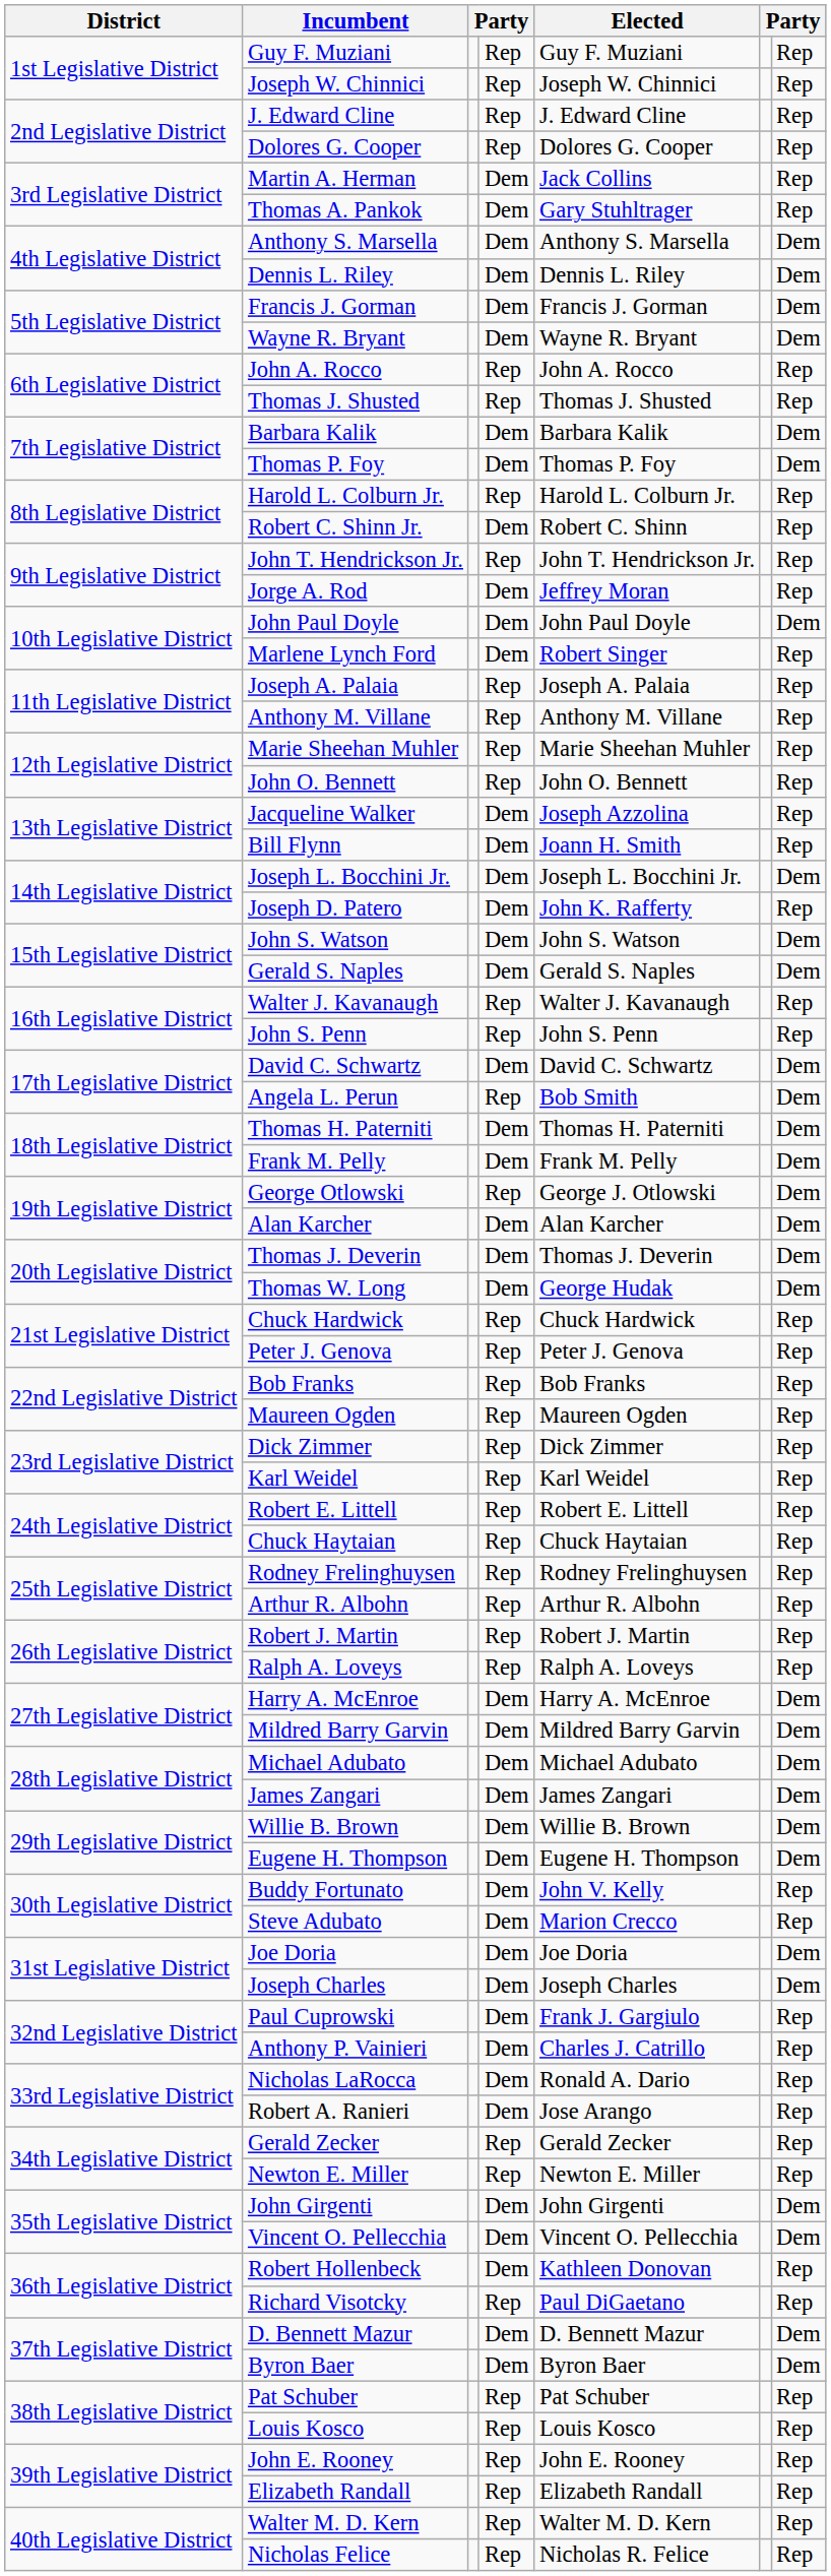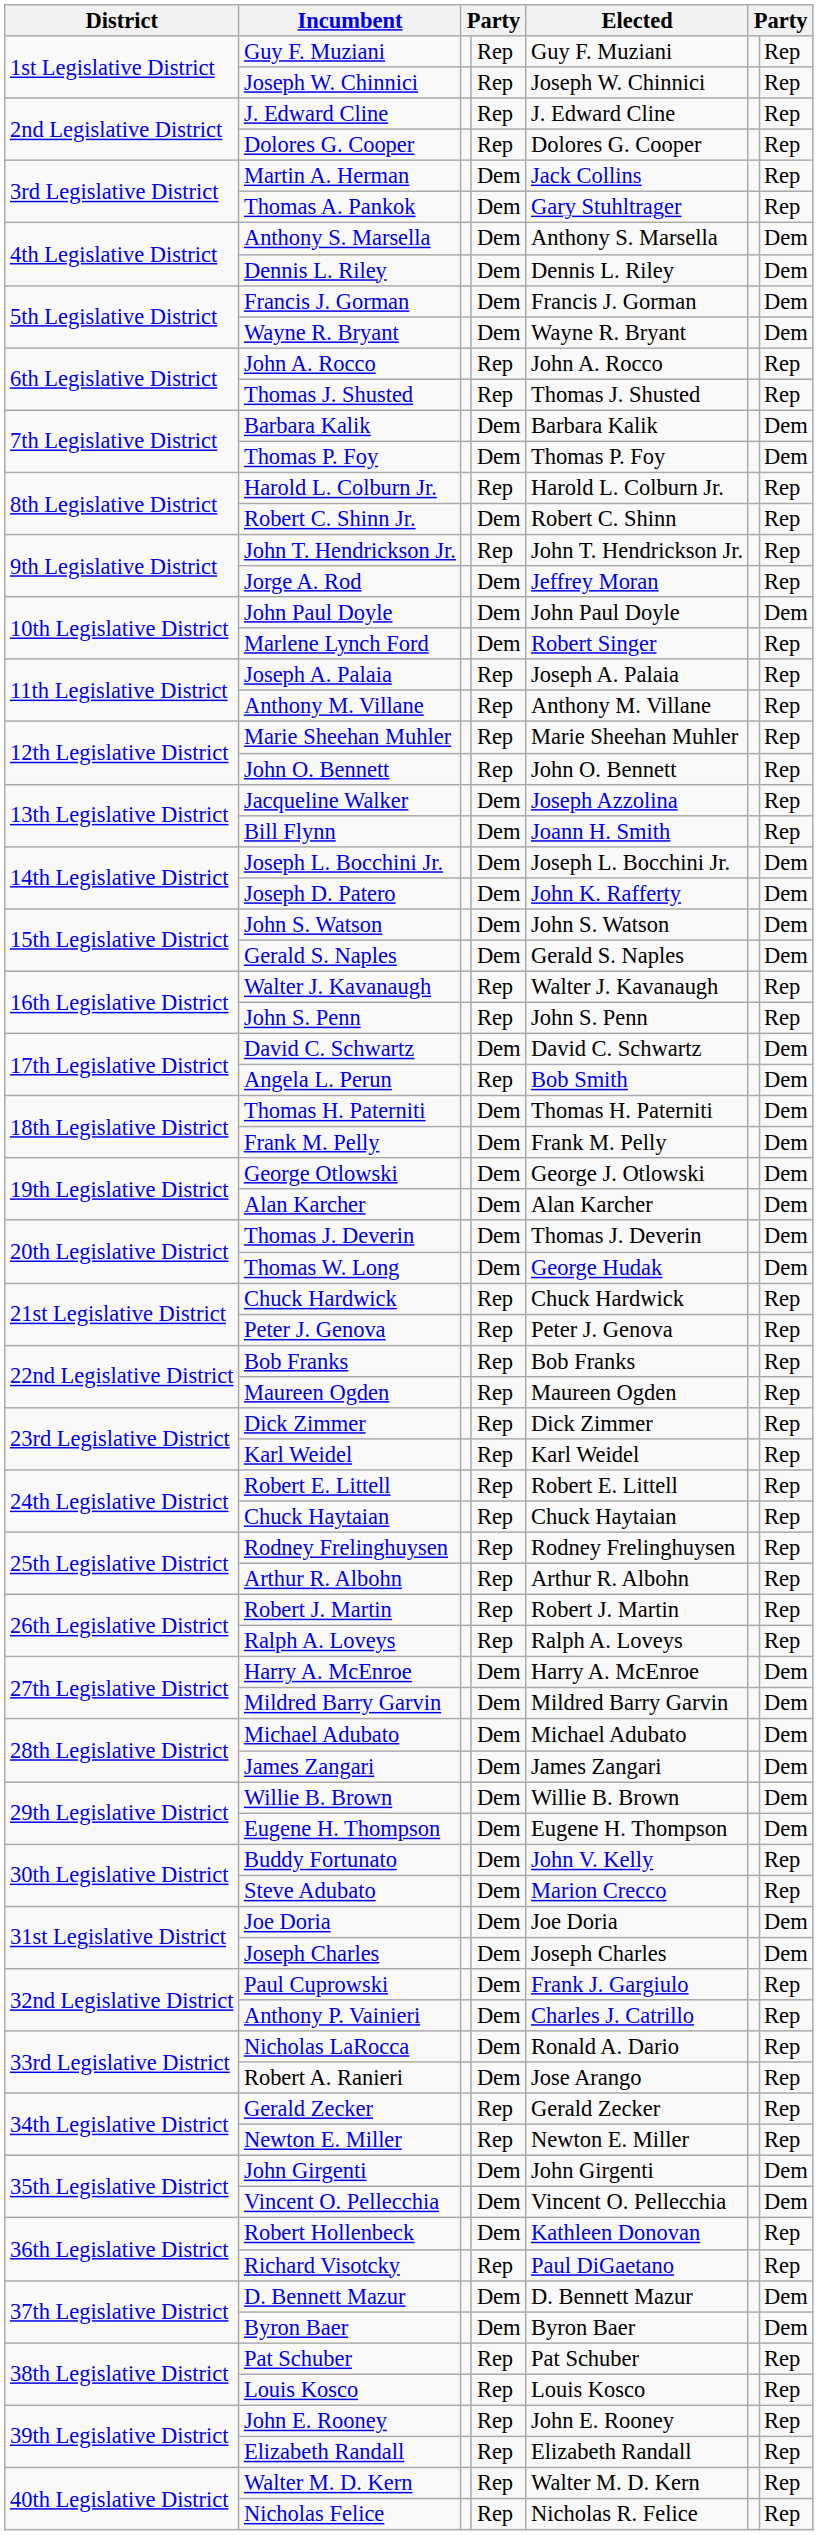 <table class="sortable wikitable" style="font-size:95%;line-height:14px;">
 <tr>
 <th>District</th>
 <th class="unsortable"><a href='#'>Incumbent</a></th>
 <th colspan="2">Party</th>
 <th class="unsortable">Elected</th>
 <th colspan="2">Party</th>
 </tr>
 <tr>
 <td rowspan="2"><a href='#'>1st Legislative District</a></td>
 <td><a href='#'>Guy F. Muziani</a></td>
 <td style="background:"></td>
 <td>Rep</td>
 <td>Guy F. Muziani</td>
 <td style="background:"></td>
 <td>Rep</td>
 </tr>
 <tr>
 <td><a href='#'>Joseph W. Chinnici</a></td>
 <td style="background:"></td>
 <td>Rep</td>
 <td>Joseph W. Chinnici</td>
 <td style="background:"></td>
 <td>Rep</td>
 </tr>
 <tr>
 <td rowspan="2"><a href='#'>2nd Legislative District</a></td>
 <td><a href='#'>J. Edward Cline</a></td>
 <td style="background:"></td>
 <td>Rep</td>
 <td>J. Edward Cline</td>
 <td style="background:"></td>
 <td>Rep</td>
 </tr>
 <tr>
 <td><a href='#'>Dolores G. Cooper</a></td>
 <td style="background:"></td>
 <td>Rep</td>
 <td>Dolores G. Cooper</td>
 <td style="background:"></td>
 <td>Rep</td>
 </tr>
 <tr>
 <td rowspan="2"><a href='#'>3rd Legislative District</a></td>
 <td><a href='#'>Martin A. Herman</a></td>
 <td style="background:"></td>
 <td>Dem</td>
 <td><a href='#'>Jack Collins</a></td>
 <td style="background:"></td>
 <td>Rep</td>
 </tr>
 <tr>
 <td><a href='#'>Thomas A. Pankok</a></td>
 <td style="background:"></td>
 <td>Dem</td>
 <td><a href='#'>Gary Stuhltrager</a></td>
 <td style="background:"></td>
 <td>Rep</td>
 </tr>
 <tr>
 <td rowspan="2"><a href='#'>4th Legislative District</a></td>
 <td><a href='#'>Anthony S. Marsella</a></td>
 <td style="background:"></td>
 <td>Dem</td>
 <td>Anthony S. Marsella</td>
 <td style="background:"></td>
 <td>Dem</td>
 </tr>
 <tr>
 <td><a href='#'>Dennis L. Riley</a></td>
 <td style="background:"></td>
 <td>Dem</td>
 <td>Dennis L. Riley</td>
 <td style="background:"></td>
 <td>Dem</td>
 </tr>
 <tr>
 <td rowspan="2"><a href='#'>5th Legislative District</a></td>
 <td><a href='#'>Francis J. Gorman</a></td>
 <td style="background:"></td>
 <td>Dem</td>
 <td>Francis J. Gorman</td>
 <td style="background:"></td>
 <td>Dem</td>
 </tr>
 <tr>
 <td><a href='#'>Wayne R. Bryant</a></td>
 <td style="background:"></td>
 <td>Dem</td>
 <td>Wayne R. Bryant</td>
 <td style="background:"></td>
 <td>Dem</td>
 </tr>
 <tr>
 <td rowspan="2"><a href='#'>6th Legislative District</a></td>
 <td><a href='#'>John A. Rocco</a></td>
 <td style="background:"></td>
 <td>Rep</td>
 <td>John A. Rocco</td>
 <td style="background:"></td>
 <td>Rep</td>
 </tr>
 <tr>
 <td><a href='#'>Thomas J. Shusted</a></td>
 <td style="background:"></td>
 <td>Rep</td>
 <td>Thomas J. Shusted</td>
 <td style="background:"></td>
 <td>Rep</td>
 </tr>
 <tr>
 <td rowspan="2"><a href='#'>7th Legislative District</a></td>
 <td><a href='#'>Barbara Kalik</a></td>
 <td style="background:"></td>
 <td>Dem</td>
 <td>Barbara Kalik</td>
 <td style="background:"></td>
 <td>Dem</td>
 </tr>
 <tr>
 <td><a href='#'>Thomas P. Foy</a></td>
 <td style="background:"></td>
 <td>Dem</td>
 <td>Thomas P. Foy</td>
 <td style="background:"></td>
 <td>Dem</td>
 </tr>
 <tr>
 <td rowspan="2"><a href='#'>8th Legislative District</a></td>
 <td><a href='#'>Harold L. Colburn Jr.</a></td>
 <td style="background:"></td>
 <td>Rep</td>
 <td>Harold L. Colburn Jr.</td>
 <td style="background:"></td>
 <td>Rep</td>
 </tr>
 <tr>
 <td><a href='#'>Robert C. Shinn Jr.</a></td>
 <td style="background:"></td>
 <td>Dem</td>
 <td>Robert C. Shinn</td>
 <td style="background:"></td>
 <td>Rep</td>
 </tr>
 <tr>
 <td rowspan="2"><a href='#'>9th Legislative District</a></td>
 <td><a href='#'>John T. Hendrickson Jr.</a></td>
 <td style="background:"></td>
 <td>Rep</td>
 <td>John T. Hendrickson Jr.</td>
 <td style="background:"></td>
 <td>Rep</td>
 </tr>
 <tr>
 <td><a href='#'>Jorge A. Rod</a></td>
 <td style="background:"></td>
 <td>Dem</td>
 <td><a href='#'>Jeffrey Moran</a></td>
 <td style="background:"></td>
 <td>Rep</td>
 </tr>
 <tr>
 <td rowspan="2"><a href='#'>10th Legislative District</a></td>
 <td><a href='#'>John Paul Doyle</a></td>
 <td style="background:"></td>
 <td>Dem</td>
 <td>John Paul Doyle</td>
 <td style="background:"></td>
 <td>Dem</td>
 </tr>
 <tr>
 <td><a href='#'>Marlene Lynch Ford</a></td>
 <td style="background:"></td>
 <td>Dem</td>
 <td><a href='#'>Robert Singer</a></td>
 <td style="background:"></td>
 <td>Rep</td>
 </tr>
 <tr>
 <td rowspan="2"><a href='#'>11th Legislative District</a></td>
 <td><a href='#'>Joseph A. Palaia</a></td>
 <td style="background:"></td>
 <td>Rep</td>
 <td>Joseph A. Palaia</td>
 <td style="background:"></td>
 <td>Rep</td>
 </tr>
 <tr>
 <td><a href='#'>Anthony M. Villane</a></td>
 <td style="background:"></td>
 <td>Rep</td>
 <td>Anthony M. Villane</td>
 <td style="background:"></td>
 <td>Rep</td>
 </tr>
 <tr>
 <td rowspan="2"><a href='#'>12th Legislative District</a></td>
 <td><a href='#'>Marie Sheehan Muhler</a></td>
 <td style="background:"></td>
 <td>Rep</td>
 <td>Marie Sheehan Muhler</td>
 <td style="background:"></td>
 <td>Rep</td>
 </tr>
 <tr>
 <td><a href='#'>John O. Bennett</a></td>
 <td style="background:"></td>
 <td>Rep</td>
 <td>John O. Bennett</td>
 <td style="background:"></td>
 <td>Rep</td>
 </tr>
 <tr>
 <td rowspan="2"><a href='#'>13th Legislative District</a></td>
 <td><a href='#'>Jacqueline Walker</a></td>
 <td style="background:"></td>
 <td>Dem</td>
 <td><a href='#'>Joseph Azzolina</a></td>
 <td style="background:"></td>
 <td>Rep</td>
 </tr>
 <tr>
 <td><a href='#'>Bill Flynn</a></td>
 <td style="background:"></td>
 <td>Dem</td>
 <td><a href='#'>Joann H. Smith</a></td>
 <td style="background:"></td>
 <td>Rep</td>
 </tr>
 <tr>
 <td rowspan="2"><a href='#'>14th Legislative District</a></td>
 <td><a href='#'>Joseph L. Bocchini Jr.</a></td>
 <td style="background:"></td>
 <td>Dem</td>
 <td>Joseph L. Bocchini Jr.</td>
 <td style="background:"></td>
 <td>Dem</td>
 </tr>
 <tr>
 <td><a href='#'>Joseph D. Patero</a></td>
 <td style="background:"></td>
 <td>Dem</td>
 <td><a href='#'>John K. Rafferty</a></td>
 <td style="background:"></td>
-<td>Rep</td>
+<td>Dem</td>
 </tr>
 <tr>
 <td rowspan="2"><a href='#'>15th Legislative District</a></td>
 <td><a href='#'>John S. Watson</a></td>
 <td style="background:"></td>
 <td>Dem</td>
 <td>John S. Watson</td>
 <td style="background:"></td>
 <td>Dem</td>
 </tr>
 <tr>
 <td><a href='#'>Gerald S. Naples</a></td>
 <td style="background:"></td>
 <td>Dem</td>
 <td>Gerald S. Naples</td>
 <td style="background:"></td>
 <td>Dem</td>
 </tr>
 <tr>
 <td rowspan="2"><a href='#'>16th Legislative District</a></td>
 <td><a href='#'>Walter J. Kavanaugh</a></td>
 <td style="background:"></td>
 <td>Rep</td>
 <td>Walter J. Kavanaugh</td>
 <td style="background:"></td>
 <td>Rep</td>
 </tr>
 <tr>
 <td><a href='#'>John S. Penn</a></td>
 <td style="background:"></td>
 <td>Rep</td>
 <td>John S. Penn</td>
 <td style="background:"></td>
 <td>Rep</td>
 </tr>
 <tr>
 <td rowspan="2"><a href='#'>17th Legislative District</a></td>
 <td><a href='#'>David C. Schwartz</a></td>
 <td style="background:"></td>
 <td>Dem</td>
 <td>David C. Schwartz</td>
 <td style="background:"></td>
 <td>Dem</td>
 </tr>
 <tr>
 <td><a href='#'>Angela L. Perun</a></td>
 <td style="background:"></td>
 <td>Rep</td>
 <td><a href='#'>Bob Smith</a></td>
 <td style="background:"></td>
 <td>Dem</td>
 </tr>
 <tr>
 <td rowspan="2"><a href='#'>18th Legislative District</a></td>
 <td><a href='#'>Thomas H. Paterniti</a></td>
 <td style="background:"></td>
 <td>Dem</td>
 <td>Thomas H. Paterniti</td>
 <td style="background:"></td>
 <td>Dem</td>
 </tr>
 <tr>
 <td><a href='#'>Frank M. Pelly</a></td>
 <td style="background:"></td>
 <td>Dem</td>
 <td>Frank M. Pelly</td>
 <td style="background:"></td>
 <td>Dem</td>
 </tr>
 <tr>
 <td rowspan="2"><a href='#'>19th Legislative District</a></td>
 <td><a href='#'>George Otlowski</a></td>
 <td style="background:"></td>
-<td>Rep</td>
+<td>Dem</td>
 <td>George J. Otlowski</td>
 <td style="background:"></td>
 <td>Dem</td>
 </tr>
 <tr>
 <td><a href='#'>Alan Karcher</a></td>
 <td style="background:"></td>
 <td>Dem</td>
 <td>Alan Karcher</td>
 <td style="background:"></td>
 <td>Dem</td>
 </tr>
 <tr>
 <td rowspan="2"><a href='#'>20th Legislative District</a></td>
 <td><a href='#'>Thomas J. Deverin</a></td>
 <td style="background:"></td>
 <td>Dem</td>
 <td>Thomas J. Deverin</td>
 <td style="background:"></td>
 <td>Dem</td>
 </tr>
 <tr>
 <td><a href='#'>Thomas W. Long</a></td>
 <td style="background:"></td>
 <td>Dem</td>
 <td><a href='#'>George Hudak</a></td>
 <td style="background:"></td>
 <td>Dem</td>
 </tr>
 <tr>
 <td rowspan="2"><a href='#'>21st Legislative District</a></td>
 <td><a href='#'>Chuck Hardwick</a></td>
 <td style="background:"></td>
 <td>Rep</td>
 <td>Chuck Hardwick</td>
 <td style="background:"></td>
 <td>Rep</td>
 </tr>
 <tr>
 <td><a href='#'>Peter J. Genova</a></td>
 <td style="background:"></td>
 <td>Rep</td>
 <td>Peter J. Genova</td>
 <td style="background:"></td>
 <td>Rep</td>
 </tr>
 <tr>
 <td rowspan="2"><a href='#'>22nd Legislative District</a></td>
 <td><a href='#'>Bob Franks</a></td>
 <td style="background:"></td>
 <td>Rep</td>
 <td>Bob Franks</td>
 <td style="background:"></td>
 <td>Rep</td>
 </tr>
 <tr>
 <td><a href='#'>Maureen Ogden</a></td>
 <td style="background:"></td>
 <td>Rep</td>
 <td>Maureen Ogden</td>
 <td style="background:"></td>
 <td>Rep</td>
 </tr>
 <tr>
 <td rowspan="2"><a href='#'>23rd Legislative District</a></td>
 <td><a href='#'>Dick Zimmer</a></td>
 <td style="background:"></td>
 <td>Rep</td>
 <td>Dick Zimmer</td>
 <td style="background:"></td>
 <td>Rep</td>
 </tr>
 <tr>
 <td><a href='#'>Karl Weidel</a></td>
 <td style="background:"></td>
 <td>Rep</td>
 <td>Karl Weidel</td>
 <td style="background:"></td>
 <td>Rep</td>
 </tr>
 <tr>
 <td rowspan="2"><a href='#'>24th Legislative District</a></td>
 <td><a href='#'>Robert E. Littell</a></td>
 <td style="background:"></td>
 <td>Rep</td>
 <td>Robert E. Littell</td>
 <td style="background:"></td>
 <td>Rep</td>
 </tr>
 <tr>
 <td><a href='#'>Chuck Haytaian</a></td>
 <td style="background:"></td>
 <td>Rep</td>
 <td>Chuck Haytaian</td>
 <td style="background:"></td>
 <td>Rep</td>
 </tr>
 <tr>
 <td rowspan="2"><a href='#'>25th Legislative District</a></td>
 <td><a href='#'>Rodney Frelinghuysen</a></td>
 <td style="background:"></td>
 <td>Rep</td>
 <td>Rodney Frelinghuysen</td>
 <td style="background:"></td>
 <td>Rep</td>
 </tr>
 <tr>
 <td><a href='#'>Arthur R. Albohn</a></td>
 <td style="background:"></td>
 <td>Rep</td>
 <td>Arthur R. Albohn</td>
 <td style="background:"></td>
 <td>Rep</td>
 </tr>
 <tr>
 <td rowspan="2"><a href='#'>26th Legislative District</a></td>
 <td><a href='#'>Robert J. Martin</a></td>
 <td style="background:"></td>
 <td>Rep</td>
 <td>Robert J. Martin</td>
 <td style="background:"></td>
 <td>Rep</td>
 </tr>
 <tr>
 <td><a href='#'>Ralph A. Loveys</a></td>
 <td style="background:"></td>
 <td>Rep</td>
 <td>Ralph A. Loveys</td>
 <td style="background:"></td>
 <td>Rep</td>
 </tr>
 <tr>
 <td rowspan="2"><a href='#'>27th Legislative District</a></td>
 <td><a href='#'>Harry A. McEnroe</a></td>
 <td style="background:"></td>
 <td>Dem</td>
 <td>Harry A. McEnroe</td>
 <td style="background:"></td>
 <td>Dem</td>
 </tr>
 <tr>
 <td><a href='#'>Mildred Barry Garvin</a></td>
 <td style="background:"></td>
 <td>Dem</td>
 <td>Mildred Barry Garvin</td>
 <td style="background:"></td>
 <td>Dem</td>
 </tr>
 <tr>
 <td rowspan="2"><a href='#'>28th Legislative District</a></td>
 <td><a href='#'>Michael Adubato</a></td>
 <td style="background:"></td>
 <td>Dem</td>
 <td>Michael Adubato</td>
 <td style="background:"></td>
 <td>Dem</td>
 </tr>
 <tr>
 <td><a href='#'>James Zangari</a></td>
 <td style="background:"></td>
 <td>Dem</td>
 <td>James Zangari</td>
 <td style="background:"></td>
 <td>Dem</td>
 </tr>
 <tr>
 <td rowspan="2"><a href='#'>29th Legislative District</a></td>
 <td><a href='#'>Willie B. Brown</a></td>
 <td style="background:"></td>
 <td>Dem</td>
 <td>Willie B. Brown</td>
 <td style="background:"></td>
 <td>Dem</td>
 </tr>
 <tr>
 <td><a href='#'>Eugene H. Thompson</a></td>
 <td style="background:"></td>
 <td>Dem</td>
 <td>Eugene H. Thompson</td>
 <td style="background:"></td>
 <td>Dem</td>
 </tr>
 <tr>
 <td rowspan="2"><a href='#'>30th Legislative District</a></td>
 <td><a href='#'>Buddy Fortunato</a></td>
 <td style="background:"></td>
 <td>Dem</td>
 <td><a href='#'>John V. Kelly</a></td>
 <td style="background:"></td>
 <td>Rep</td>
 </tr>
 <tr>
 <td><a href='#'>Steve Adubato</a></td>
 <td style="background:"></td>
 <td>Dem</td>
 <td><a href='#'>Marion Crecco</a></td>
 <td style="background:"></td>
 <td>Rep</td>
 </tr>
 <tr>
 <td rowspan="2"><a href='#'>31st Legislative District</a></td>
 <td><a href='#'>Joe Doria</a></td>
 <td style="background:"></td>
 <td>Dem</td>
 <td>Joe Doria</td>
 <td style="background:"></td>
 <td>Dem</td>
 </tr>
 <tr>
 <td><a href='#'>Joseph Charles</a></td>
 <td style="background:"></td>
 <td>Dem</td>
 <td>Joseph Charles</td>
 <td style="background:"></td>
 <td>Dem</td>
 </tr>
 <tr>
 <td rowspan="2"><a href='#'>32nd Legislative District</a></td>
 <td><a href='#'>Paul Cuprowski</a></td>
 <td style="background:"></td>
 <td>Dem</td>
 <td><a href='#'>Frank J. Gargiulo</a></td>
 <td style="background:"></td>
 <td>Rep</td>
 </tr>
 <tr>
 <td><a href='#'>Anthony P. Vainieri</a></td>
 <td style="background:"></td>
 <td>Dem</td>
 <td><a href='#'>Charles J. Catrillo</a></td>
 <td style="background:"></td>
 <td>Rep</td>
 </tr>
 <tr>
 <td rowspan="2"><a href='#'>33rd Legislative District</a></td>
 <td><a href='#'>Nicholas LaRocca</a></td>
 <td style="background:"></td>
 <td>Dem</td>
 <td>Ronald A. Dario</td>
 <td style="background:"></td>
 <td>Rep</td>
 </tr>
 <tr>
 <td>Robert A. Ranieri</td>
 <td style="background:"></td>
 <td>Dem</td>
 <td>Jose Arango</td>
 <td style="background:"></td>
 <td>Rep</td>
 </tr>
 <tr>
 <td rowspan="2"><a href='#'>34th Legislative District</a></td>
 <td><a href='#'>Gerald Zecker</a></td>
 <td style="background:"></td>
 <td>Rep</td>
 <td>Gerald Zecker</td>
 <td style="background:"></td>
 <td>Rep</td>
 </tr>
 <tr>
 <td><a href='#'>Newton E. Miller</a></td>
 <td style="background:"></td>
 <td>Rep</td>
 <td>Newton E. Miller</td>
 <td style="background:"></td>
 <td>Rep</td>
 </tr>
 <tr>
 <td rowspan="2"><a href='#'>35th Legislative District</a></td>
 <td><a href='#'>John Girgenti</a></td>
 <td style="background:"></td>
 <td>Dem</td>
 <td>John Girgenti</td>
 <td style="background:"></td>
 <td>Dem</td>
 </tr>
 <tr>
 <td><a href='#'>Vincent O. Pellecchia</a></td>
 <td style="background:"></td>
 <td>Dem</td>
 <td>Vincent O. Pellecchia</td>
 <td style="background:"></td>
 <td>Dem</td>
 </tr>
 <tr>
 <td rowspan="2"><a href='#'>36th Legislative District</a></td>
 <td><a href='#'>Robert Hollenbeck</a></td>
 <td style="background:"></td>
 <td>Dem</td>
 <td><a href='#'>Kathleen Donovan</a></td>
 <td style="background:"></td>
 <td>Rep</td>
 </tr>
 <tr>
 <td><a href='#'>Richard Visotcky</a></td>
 <td style="background:"></td>
 <td>Rep</td>
 <td><a href='#'>Paul DiGaetano</a></td>
 <td style="background:"></td>
 <td>Rep</td>
 </tr>
 <tr>
 <td rowspan="2"><a href='#'>37th Legislative District</a></td>
 <td><a href='#'>D. Bennett Mazur</a></td>
 <td style="background:"></td>
 <td>Dem</td>
 <td>D. Bennett Mazur</td>
 <td style="background:"></td>
 <td>Dem</td>
 </tr>
 <tr>
 <td><a href='#'>Byron Baer</a></td>
 <td style="background:"></td>
 <td>Dem</td>
 <td>Byron Baer</td>
 <td style="background:"></td>
 <td>Dem</td>
 </tr>
 <tr>
 <td rowspan="2"><a href='#'>38th Legislative District</a></td>
 <td><a href='#'>Pat Schuber</a></td>
 <td style="background:"></td>
 <td>Rep</td>
 <td>Pat Schuber</td>
 <td style="background:"></td>
 <td>Rep</td>
 </tr>
 <tr>
 <td><a href='#'>Louis Kosco</a></td>
 <td style="background:"></td>
 <td>Rep</td>
 <td>Louis Kosco</td>
 <td style="background:"></td>
 <td>Rep</td>
 </tr>
 <tr>
 <td rowspan="2"><a href='#'>39th Legislative District</a></td>
 <td><a href='#'>John E. Rooney</a></td>
 <td style="background:"></td>
 <td>Rep</td>
 <td>John E. Rooney</td>
 <td style="background:"></td>
 <td>Rep</td>
 </tr>
 <tr>
 <td><a href='#'>Elizabeth Randall</a></td>
 <td style="background:"></td>
 <td>Rep</td>
 <td>Elizabeth Randall</td>
 <td style="background:"></td>
 <td>Rep</td>
 </tr>
 <tr>
 <td rowspan="2"><a href='#'>40th Legislative District</a></td>
 <td><a href='#'>Walter M. D. Kern</a></td>
 <td style="background:"></td>
 <td>Rep</td>
 <td>Walter M. D. Kern</td>
 <td style="background:"></td>
 <td>Rep</td>
 </tr>
 <tr>
 <td><a href='#'>Nicholas Felice</a></td>
 <td style="background:"></td>
 <td>Rep</td>
 <td>Nicholas R. Felice</td>
 <td style="background:"></td>
 <td>Rep</td>
 </tr>
 </table>
